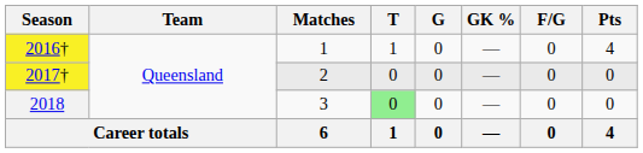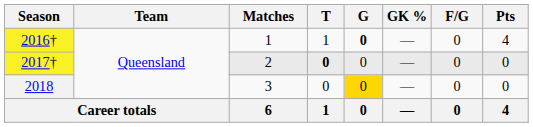 <table class="wikitable sortable"  style="font-size:90%; text-align:center; width:85%;">
 <tr>
 <th width=2%>Season</th>
 <th width=8%>Team</th>
 <th width=2%>Matches</th>
 <th width=2%>T</th>
 <th width=2%>G</th>
 <th width=2%>GK %</th>
 <th width=2%>F/G</th>
 <th width=2%>Pts</th>
 </tr>
 <tr>
 <th scope="row" style="text-align:center;background:#f9f025; font-weight:normal"><a href='#'>2016</a>†</th>
 <td rowspan="3" style="text-align:center;"> <a href='#'>Queensland</a></td>
 <td>1</td>
 <td>1</td>
-<td>0</td>
+<td><strong>0</strong></td>
 <td>—</td>
 <td>0</td>
 <td>4</td>
 </tr>
 <tr style="background-color: #EAEAEA">
 <th scope="row" style="text-align:center;background:#f9f025; font-weight:normal"><a href='#'>2017</a>†</th>
 <td>2</td>
-<td>0</td>
+<td><strong>0</strong></td>
 <td>0</td>
 <td>—</td>
 <td>0</td>
 <td>0</td>
 </tr>
 <tr>
 <th scope="row" style="text-align:center; font-weight:normal"><a href='#'>2018</a></th>
 <td>3</td>
-<td style="background: lightgreen;">0</td>
 <td>0</td>
+<td style="background: gold;">0</td>
 <td>—</td>
 <td>0</td>
 <td>0</td>
 </tr>
 <tr class="sortbottom">
 <th colspan=2>Career totals</th>
 <th>6</th>
 <th>1</th>
 <th>0</th>
 <th>—</th>
 <th>0</th>
 <th>4</th>
 </tr>
 </table>
